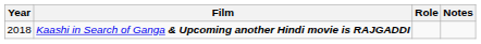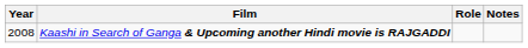 <table class="wikitable sortable">
 <tr>
 <th>Year</th>
 <th>Film</th>
 <th>Role</th>
 <th>Notes</th>
 </tr>
 <tr>
-<td>2018</td>
+<td>2008</td>
 <td><em><a href='#'>Kaashi in Search of Ganga</a><strong><em>  & Upcoming another Hindi movie is RAJGADDI<strong></td>
 <td></td>
 <td></td>
 </tr>
 </table>
